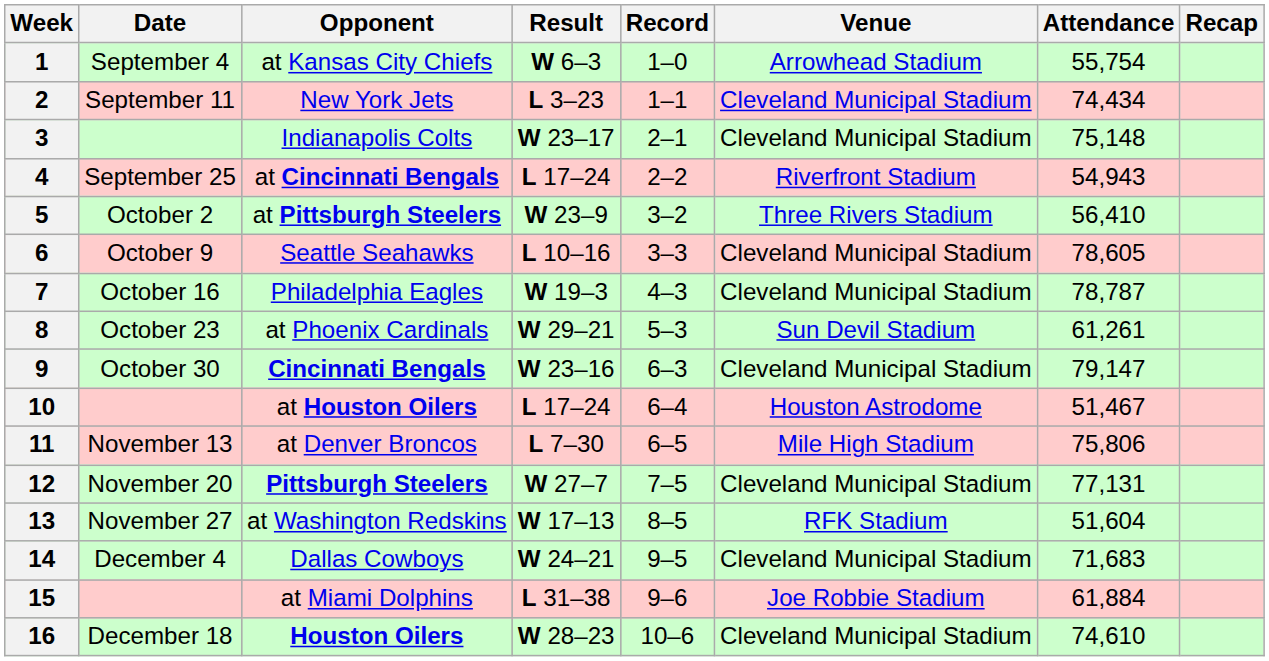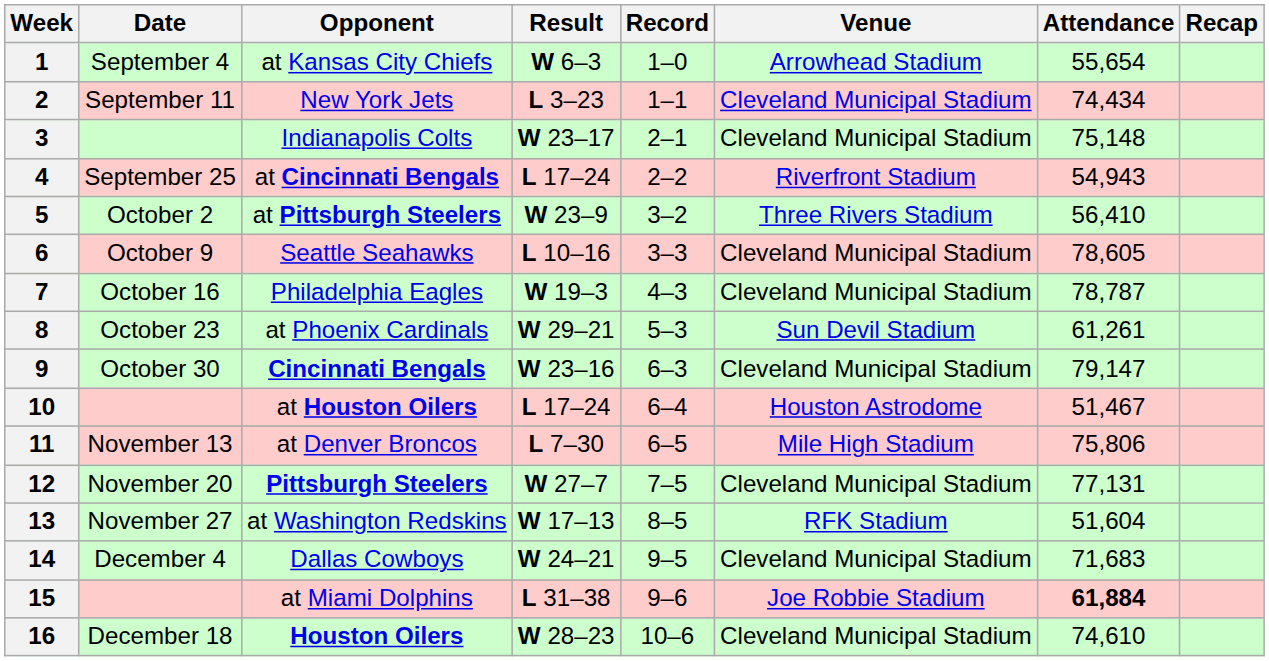 <table class="wikitable" style="text-align:center">
 <tr>
 <th>Week</th>
 <th>Date</th>
 <th>Opponent</th>
 <th>Result</th>
 <th>Record</th>
 <th>Venue</th>
 <th>Attendance</th>
 <th>Recap</th>
 </tr>
 <tr style="background:#cfc">
 <th>1</th>
 <td>September 4</td>
 <td>at <a href='#'>Kansas City Chiefs</a></td>
 <td><strong>W</strong> 6–3</td>
 <td>1–0</td>
 <td><a href='#'>Arrowhead Stadium</a></td>
-<td>55,754</td>
+<td>55,654</td>
 <td></td>
 </tr>
 <tr style="background:#fcc">
 <th>2</th>
 <td>September 11</td>
 <td><a href='#'>New York Jets</a></td>
 <td><strong>L</strong> 3–23</td>
 <td>1–1</td>
 <td><a href='#'>Cleveland Municipal Stadium</a></td>
 <td>74,434</td>
 <td></td>
 </tr>
 <tr style="background:#cfc">
 <th>3</th>
 <td></td>
 <td><a href='#'>Indianapolis Colts</a></td>
 <td><strong>W</strong> 23–17</td>
 <td>2–1</td>
 <td>Cleveland Municipal Stadium</td>
 <td>75,148</td>
 <td></td>
 </tr>
 <tr style="background:#fcc">
 <th>4</th>
 <td>September 25</td>
 <td>at <strong><a href='#'>Cincinnati Bengals</a></strong></td>
 <td><strong>L</strong> 17–24</td>
 <td>2–2</td>
 <td><a href='#'>Riverfront Stadium</a></td>
 <td>54,943</td>
 <td></td>
 </tr>
 <tr style="background:#cfc">
 <th>5</th>
 <td>October 2</td>
 <td>at <strong><a href='#'>Pittsburgh Steelers</a></strong></td>
 <td><strong>W</strong> 23–9</td>
 <td>3–2</td>
 <td><a href='#'>Three Rivers Stadium</a></td>
 <td>56,410</td>
 <td></td>
 </tr>
 <tr style="background:#fcc">
 <th>6</th>
 <td>October 9</td>
 <td><a href='#'>Seattle Seahawks</a></td>
 <td><strong>L</strong> 10–16</td>
 <td>3–3</td>
 <td>Cleveland Municipal Stadium</td>
 <td>78,605</td>
 <td></td>
 </tr>
 <tr style="background:#cfc">
 <th>7</th>
 <td>October 16</td>
 <td><a href='#'>Philadelphia Eagles</a></td>
 <td><strong>W</strong> 19–3</td>
 <td>4–3</td>
 <td>Cleveland Municipal Stadium</td>
 <td>78,787</td>
 <td></td>
 </tr>
 <tr style="background:#cfc">
 <th>8</th>
 <td>October 23</td>
 <td>at <a href='#'>Phoenix Cardinals</a></td>
 <td><strong>W</strong> 29–21</td>
 <td>5–3</td>
 <td><a href='#'>Sun Devil Stadium</a></td>
 <td>61,261</td>
 <td></td>
 </tr>
 <tr style="background:#cfc">
 <th>9</th>
 <td>October 30</td>
 <td><strong><a href='#'>Cincinnati Bengals</a></strong></td>
 <td><strong>W</strong> 23–16</td>
 <td>6–3</td>
 <td>Cleveland Municipal Stadium</td>
 <td>79,147</td>
 <td></td>
 </tr>
 <tr style="background:#fcc">
 <th>10</th>
 <td></td>
 <td>at <strong><a href='#'>Houston Oilers</a></strong></td>
 <td><strong>L</strong> 17–24</td>
 <td>6–4</td>
 <td><a href='#'>Houston Astrodome</a></td>
 <td>51,467</td>
 <td></td>
 </tr>
 <tr style="background:#fcc">
 <th>11</th>
 <td>November 13</td>
 <td>at <a href='#'>Denver Broncos</a></td>
 <td><strong>L</strong> 7–30</td>
 <td>6–5</td>
 <td><a href='#'>Mile High Stadium</a></td>
 <td>75,806</td>
 <td></td>
 </tr>
 <tr style="background:#cfc">
 <th>12</th>
 <td>November 20</td>
 <td><strong><a href='#'>Pittsburgh Steelers</a></strong></td>
 <td><strong>W</strong> 27–7</td>
 <td>7–5</td>
 <td>Cleveland Municipal Stadium</td>
 <td>77,131</td>
 <td></td>
 </tr>
 <tr style="background:#cfc">
 <th>13</th>
 <td>November 27</td>
 <td>at <a href='#'>Washington Redskins</a></td>
 <td><strong>W</strong> 17–13</td>
 <td>8–5</td>
 <td><a href='#'>RFK Stadium</a></td>
 <td>51,604</td>
 <td></td>
 </tr>
 <tr style="background:#cfc">
 <th>14</th>
 <td>December 4</td>
 <td><a href='#'>Dallas Cowboys</a></td>
 <td><strong>W</strong> 24–21</td>
 <td>9–5</td>
 <td>Cleveland Municipal Stadium</td>
 <td>71,683</td>
 <td></td>
 </tr>
 <tr style="background:#fcc">
 <th>15</th>
 <td></td>
 <td>at <a href='#'>Miami Dolphins</a></td>
 <td><strong>L</strong> 31–38</td>
 <td>9–6</td>
 <td><a href='#'>Joe Robbie Stadium</a></td>
-<td>61,884</td>
+<td><strong>61,884</strong></td>
 <td></td>
 </tr>
 <tr style="background:#cfc">
 <th>16</th>
 <td>December 18</td>
 <td><strong><a href='#'>Houston Oilers</a></strong></td>
 <td><strong>W</strong> 28–23</td>
 <td>10–6</td>
 <td>Cleveland Municipal Stadium</td>
 <td>74,610</td>
 <td></td>
 </tr>
 </table>
